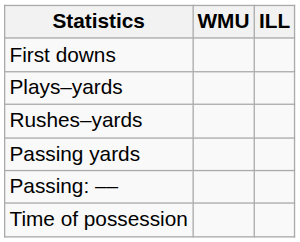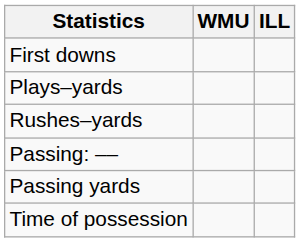 <table class="wikitable" style="float:left">
 <tr>
 <th>Statistics</th>
 <th>WMU</th>
 <th>ILL</th>
 </tr>
 <tr>
 <td>First downs</td>
 <td></td>
 <td></td>
 </tr>
 <tr>
 <td>Plays–yards</td>
 <td></td>
 <td></td>
 </tr>
 <tr>
 <td>Rushes–yards</td>
 <td></td>
 <td></td>
 </tr>
 <tr>
-<td>Passing yards</td>
+<td>Passing: ––</td>
 <td></td>
 <td></td>
 </tr>
 <tr>
-<td>Passing: ––</td>
+<td>Passing yards</td>
 <td></td>
 <td></td>
 </tr>
 <tr>
 <td>Time of possession</td>
 <td></td>
 <td></td>
 </tr>
 </table>
